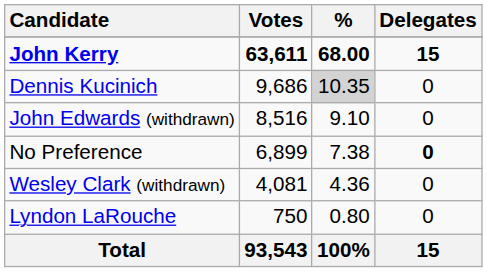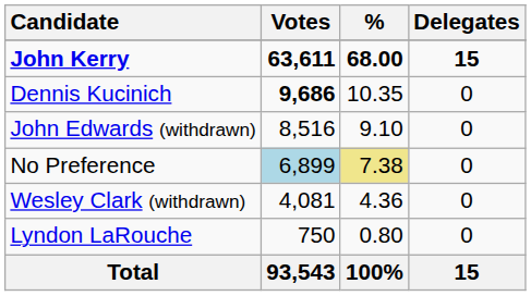 <table class="wikitable sortable plainrowheaders" style="text-align:right;">
 <tr>
 <th style="text-align:left;">Candidate</th>
 <th>Votes</th>
 <th>%</th>
 <th>Delegates</th>
 </tr>
 <tr>
 </tr>
 <tr>
 <td style="text-align:left;"><strong><a href='#'>John Kerry</a></strong></td>
 <td><strong>63,611</strong></td>
 <td><strong>68.00</strong></td>
 <td style="text-align:center;"><strong>15</strong></td>
 </tr>
 <tr>
 <td style="text-align:left;"><a href='#'>Dennis Kucinich</a></td>
-<td>9,686</td>
-<td style="background: lightgrey;">10.35</td>
+<td><strong>9,686</strong></td>
+<td>10.35</td>
 <td style="text-align:center;">0</td>
 </tr>
 <tr>
 <td style="text-align:left;"><a href='#'>John Edwards</a> <small>(withdrawn)</small></td>
 <td>8,516</td>
 <td>9.10</td>
 <td style="text-align:center;">0</td>
 </tr>
 <tr>
 <td style="text-align:left;">No Preference</td>
-<td>6,899</td>
-<td>7.38</td>
-<td style="text-align:center;"><strong>0</strong></td>
+<td style="background: lightblue;">6,899</td>
+<td style="background: khaki;">7.38</td>
+<td style="text-align:center;">0</td>
 </tr>
 <tr>
 <td style="text-align:left;"><a href='#'>Wesley Clark</a> <small>(withdrawn)</small></td>
 <td>4,081</td>
 <td>4.36</td>
 <td style="text-align:center;">0</td>
 </tr>
 <tr>
 <td style="text-align:left;"><a href='#'>Lyndon LaRouche</a></td>
 <td>750</td>
 <td>0.80</td>
 <td style="text-align:center;">0</td>
 </tr>
 <tr class="sortbottom">
 <th>Total</th>
 <th>93,543</th>
 <th>100%</th>
 <th>15</th>
 </tr>
 </table>
